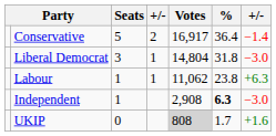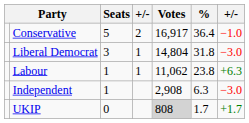 <table class="wikitable">
 <tr>
 <th colspan="2">Party</th>
 <th>Seats</th>
 <th>+/-</th>
 <th>Votes</th>
 <th>%</th>
 <th>+/-</th>
 </tr>
 <tr>
 <td style="background-color: "></td>
 <td><a href='#'>Conservative</a></td>
 <td>5</td>
 <td> 2</td>
 <td>16,917</td>
 <td>36.4</td>
-<td style="color:red">−1.4</td>
+<td style="color:red">−1.0</td>
 </tr>
 <tr>
 <td style="background-color: "></td>
 <td><a href='#'>Liberal Democrat</a></td>
 <td>3</td>
 <td> 1</td>
 <td>14,804</td>
 <td>31.8</td>
 <td style="color:red">−3.0</td>
 </tr>
 <tr>
 <td style="background-color: "></td>
 <td><a href='#'>Labour</a></td>
 <td>1</td>
 <td> 1</td>
 <td>11,062</td>
 <td>23.8</td>
 <td style="color:green">+6.3</td>
 </tr>
 <tr>
 <td style="background-color: "></td>
 <td><a href='#'>Independent</a></td>
 <td>1</td>
 <td></td>
 <td>2,908</td>
-<td><strong>6.3</strong></td>
+<td>6.3</td>
 <td style="color:red">−3.0</td>
 </tr>
 <tr>
 <td style="background-color: "></td>
 <td><a href='#'>UKIP</a></td>
 <td>0</td>
 <td></td>
 <td style="background: lightgrey;">808</td>
 <td>1.7</td>
-<td style="color:green">+1.6</td>
+<td style="color:green">+1.7</td>
 </tr>
 </table>
